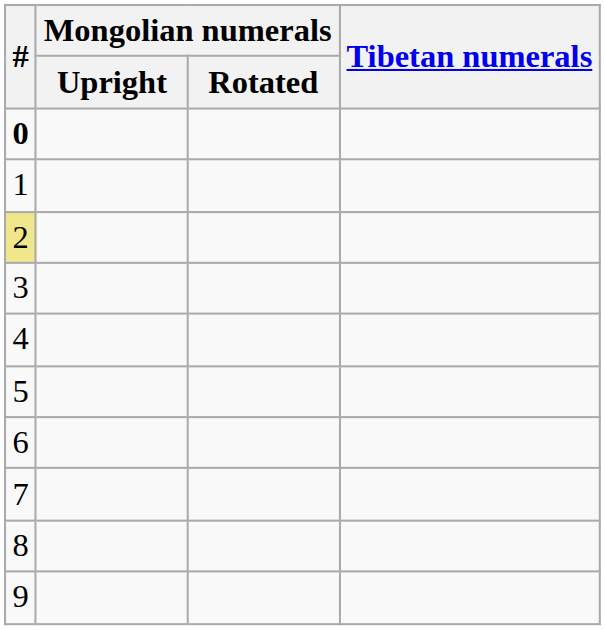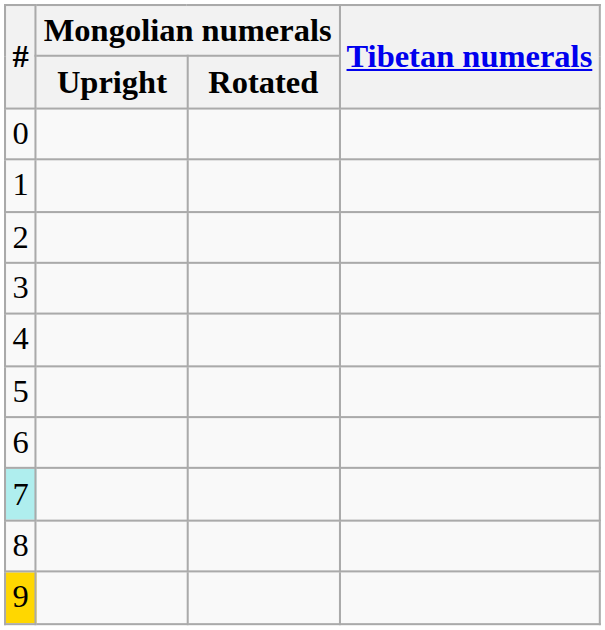 <table class="wikitable" border="1" style="text-align: center">
 <tr>
 <th rowspan="2">#</th>
 <th colspan="2">Mongolian numerals</th>
 <th rowspan="2"><a href='#'>Tibetan numerals</a></th>
 </tr>
 <tr>
 <th>Upright</th>
 <th>Rotated</th>
 </tr>
 <tr>
-<td><strong>0</strong></td>
+<td>0</td>
 <td></td>
 <td></td>
 <td></td>
 </tr>
 <tr>
 <td>1</td>
 <td></td>
 <td></td>
 <td></td>
 </tr>
 <tr>
-<td style="background: khaki;">2</td>
+<td>2</td>
 <td></td>
 <td></td>
 <td></td>
 </tr>
 <tr>
 <td>3</td>
 <td></td>
 <td></td>
 <td></td>
 </tr>
 <tr>
 <td>4</td>
 <td></td>
 <td></td>
 <td></td>
 </tr>
 <tr>
 <td>5</td>
 <td></td>
 <td></td>
 <td></td>
 </tr>
 <tr>
 <td>6</td>
 <td></td>
 <td></td>
 <td></td>
 </tr>
 <tr>
-<td>7</td>
+<td style="background: paleturquoise;">7</td>
 <td></td>
 <td></td>
 <td></td>
 </tr>
 <tr>
 <td>8</td>
 <td></td>
 <td></td>
 <td></td>
 </tr>
 <tr>
-<td>9</td>
+<td style="background: gold;">9</td>
 <td></td>
 <td></td>
 <td></td>
 </tr>
 </table>
